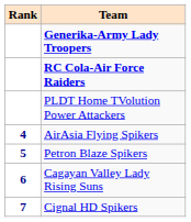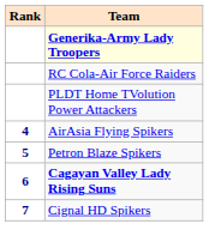 <table class="wikitable" style="text-align: center;">
 <tr>
 <th width=40 style="background:#FFE4C9; color:black;">Rank</th>
 <th width=180 style="background:#FFE4C9; color:black;">Team</th>
 </tr>
 <tr>
 <td style="background:white; color:#00008B;"></td>
-<td style="text-align:left;"><strong><a href='#'>Generika-Army Lady Troopers</a></strong></td>
+<td style="background: lightyellow; text-align:left;"><strong><a href='#'>Generika-Army Lady Troopers</a></strong></td>
 </tr>
 <tr>
 <td style="background:white; color:#00008B;"></td>
-<td style="text-align:left;"><strong><a href='#'>RC Cola-Air Force Raiders</a></strong></td>
+<td style="text-align:left;"><a href='#'>RC Cola-Air Force Raiders</a></td>
 </tr>
 <tr>
 <td style="background:white; color:#00008B;"></td>
 <td style="text-align:left;"><a href='#'>PLDT Home TVolution Power Attackers</a></td>
 </tr>
 <tr>
 <td style="background:white; color:#00008B;"><strong>4</strong></td>
 <td style="text-align:left;"><a href='#'>AirAsia Flying Spikers</a></td>
 </tr>
 <tr>
 <td style="background:white; color:#00008B;"><strong>5</strong></td>
 <td style="text-align:left;"><a href='#'>Petron Blaze Spikers</a></td>
 </tr>
 <tr>
 <td style="background:white; color:#00008B;"><strong>6</strong></td>
-<td style="text-align:left;"><a href='#'>Cagayan Valley Lady Rising Suns</a></td>
+<td style="text-align:left;"><strong><a href='#'>Cagayan Valley Lady Rising Suns</a></strong></td>
 </tr>
 <tr>
 <td style="background:white; color:#00008B;"><strong>7</strong></td>
 <td style="text-align:left;"><a href='#'>Cignal HD Spikers</a></td>
 </tr>
 </table>
